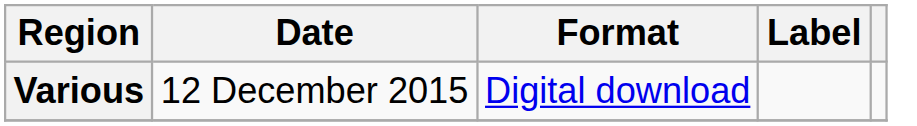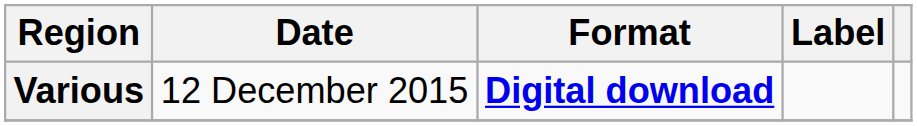 <table class="wikitable plainrowheaders">
 <tr>
 <th scope="col">Region</th>
 <th scope="col">Date</th>
 <th scope="col">Format</th>
 <th scope="col">Label</th>
 <th scope="col"></th>
 </tr>
 <tr>
 <th scope="row">Various</th>
 <td>12 December 2015</td>
-<td><a href='#'>Digital download</a></td>
+<td><strong><a href='#'>Digital download</a></strong></td>
 <td></td>
 <td></td>
 </tr>
 <tr>
 </tr>
 </table>
